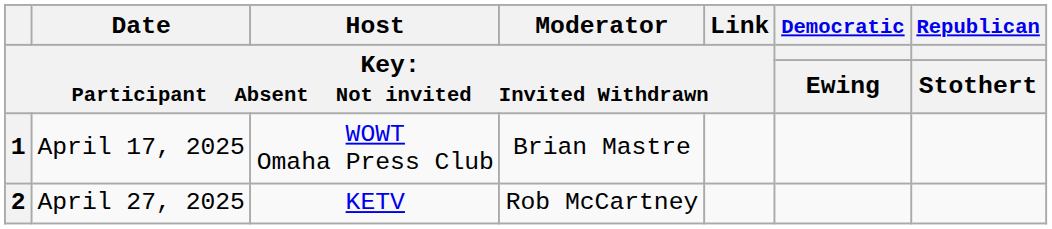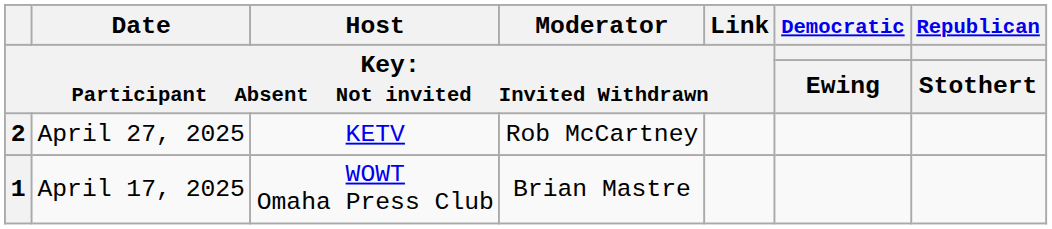 <table class="wikitable" style="text-align:center;">
 <tr>
 <th scope="col"></th>
 <th scope="col">Date</th>
 <th scope="col">Host</th>
 <th scope="col">Moderator</th>
 <th scope="col">Link</th>
 <th scope="col"><small><a href='#'>Democratic</a></small></th>
 <th scope="col"><small><a href='#'>Republican</a></small></th>
 </tr>
 <tr>
 <th colspan="5" rowspan="2">Key:<br> <small>Participant </small>  <small>Absent </small>  <small>Not invited </small>  <small>Invited  Withdrawn</small></th>
 <th scope="col" style="background:"></th>
 <th scope="col" style="background:"></th>
 </tr>
 <tr>
 <th scope="col">Ewing</th>
 <th scope="col">Stothert</th>
 </tr>
 <tr>
+<th>2</th>
+<td style="white-space:nowrap;">April 27, 2025</td>
+<td style="white-space:nowrap;"><a href='#'>KETV</a></td>
+<td style="white-space:nowrap;">Rob McCartney</td>
+<td style="white-space:nowrap;"></td>
+<td></td>
+<td></td>
+</tr>
+<tr>
 <th>1</th>
 <td style="white-space:nowrap;">April 17, 2025</td>
 <td style="white-space:nowrap;"><a href='#'>WOWT</a><br>Omaha Press Club</td>
 <td style="white-space:nowrap;">Brian Mastre</td>
 <td style="white-space:nowrap;"></td>
 <td></td>
 <td></td>
 </tr>
-<tr>
-<th>2</th>
-<td style="white-space:nowrap;">April 27, 2025</td>
-<td style="white-space:nowrap;"><a href='#'>KETV</a></td>
-<td style="white-space:nowrap;">Rob McCartney</td>
-<td style="white-space:nowrap;"></td>
-<td></td>
-<td></td>
-</tr>
 </table>
